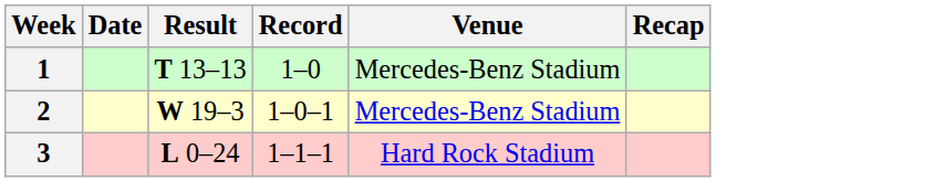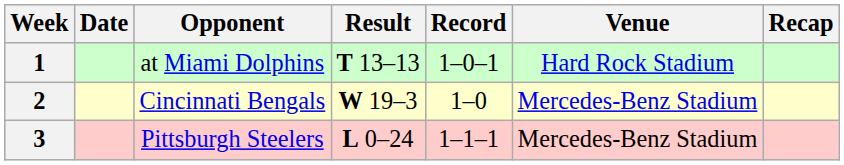 <table class="wikitable" style="text-align:center">
 <tr>
 <th>Week</th>
 <th>Date</th>
+<th>Opponent</th>
 <th>Result</th>
 <th>Record</th>
 <th>Venue</th>
 <th>Recap</th>
 </tr>
 <tr style="background:#cfc">
 <th>1</th>
 <td></td>
+<td>at <a href='#'>Miami Dolphins</a></td>
 <td><strong>T</strong> 13–13</td>
-<td>1–0</td>
-<td>Mercedes-Benz Stadium</td>
+<td>1–0–1</td>
+<td><a href='#'>Hard Rock Stadium</a></td>
 <td></td>
 </tr>
 <tr style="background:#ffc">
 <th>2</th>
 <td></td>
+<td><a href='#'>Cincinnati Bengals</a></td>
 <td><strong>W</strong> 19–3</td>
-<td>1–0–1</td>
+<td>1–0</td>
 <td><a href='#'>Mercedes-Benz Stadium</a></td>
 <td></td>
 </tr>
 <tr style="background:#fcc">
 <th>3</th>
 <td></td>
+<td><a href='#'>Pittsburgh Steelers</a></td>
 <td><strong>L</strong> 0–24</td>
 <td>1–1–1</td>
-<td><a href='#'>Hard Rock Stadium</a></td>
+<td>Mercedes-Benz Stadium</td>
 <td></td>
 </tr>
 </table>
